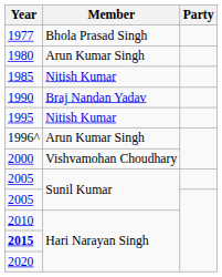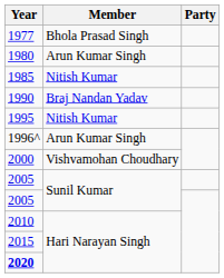 <table class="wikitable sortable">
 <tr>
 <th>Year</th>
 <th>Member</th>
 <th colspan="2">Party</th>
 </tr>
 <tr>
 <td><a href='#'>1977</a></td>
 <td>Bhola Prasad Singh</td>
 <td></td>
 </tr>
 <tr>
 <td><a href='#'>1980</a></td>
 <td>Arun Kumar Singh</td>
 </tr>
 <tr>
 <td><a href='#'>1985</a></td>
 <td><a href='#'>Nitish Kumar</a></td>
 <td></td>
 </tr>
 <tr>
 <td><a href='#'>1990</a></td>
 <td><a href='#'>Braj Nandan Yadav</a></td>
 <td></td>
 </tr>
 <tr>
 <td><a href='#'>1995</a></td>
 <td><a href='#'>Nitish Kumar</a></td>
 <td></td>
 </tr>
 <tr>
 <td>1996^</td>
 <td>Arun Kumar Singh</td>
 </tr>
 <tr>
 <td><a href='#'>2000</a></td>
 <td>Vishvamohan Choudhary</td>
 </tr>
 <tr>
 <td><a href='#'>2005</a></td>
 <td rowspan="2">Sunil Kumar</td>
 <td></td>
 </tr>
 <tr>
 <td><a href='#'>2005</a></td>
 </tr>
 <tr>
 <td><a href='#'>2010</a></td>
 <td rowspan="3">Hari Narayan Singh</td>
 </tr>
 <tr>
-<td><strong><a href='#'>2015</a></strong></td>
+<td><a href='#'>2015</a></td>
 </tr>
 <tr>
-<td><a href='#'>2020</a></td>
+<td><strong><a href='#'>2020</a></strong></td>
 </tr>
 </table>
